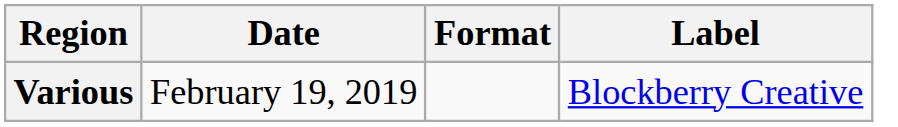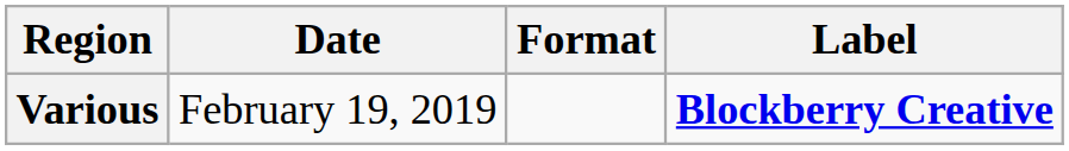 <table class="wikitable plainrowheaders">
 <tr>
 <th>Region</th>
 <th>Date</th>
 <th>Format</th>
 <th>Label</th>
 </tr>
 <tr>
 <th scope="row">Various</th>
 <td rowspan=2>February 19, 2019</td>
 <td rowspan=2></td>
-<td rowspan="1"><a href='#'>Blockberry Creative</a></td>
+<td rowspan="1"><strong><a href='#'>Blockberry Creative</a></strong></td>
 </tr>
 </table>
